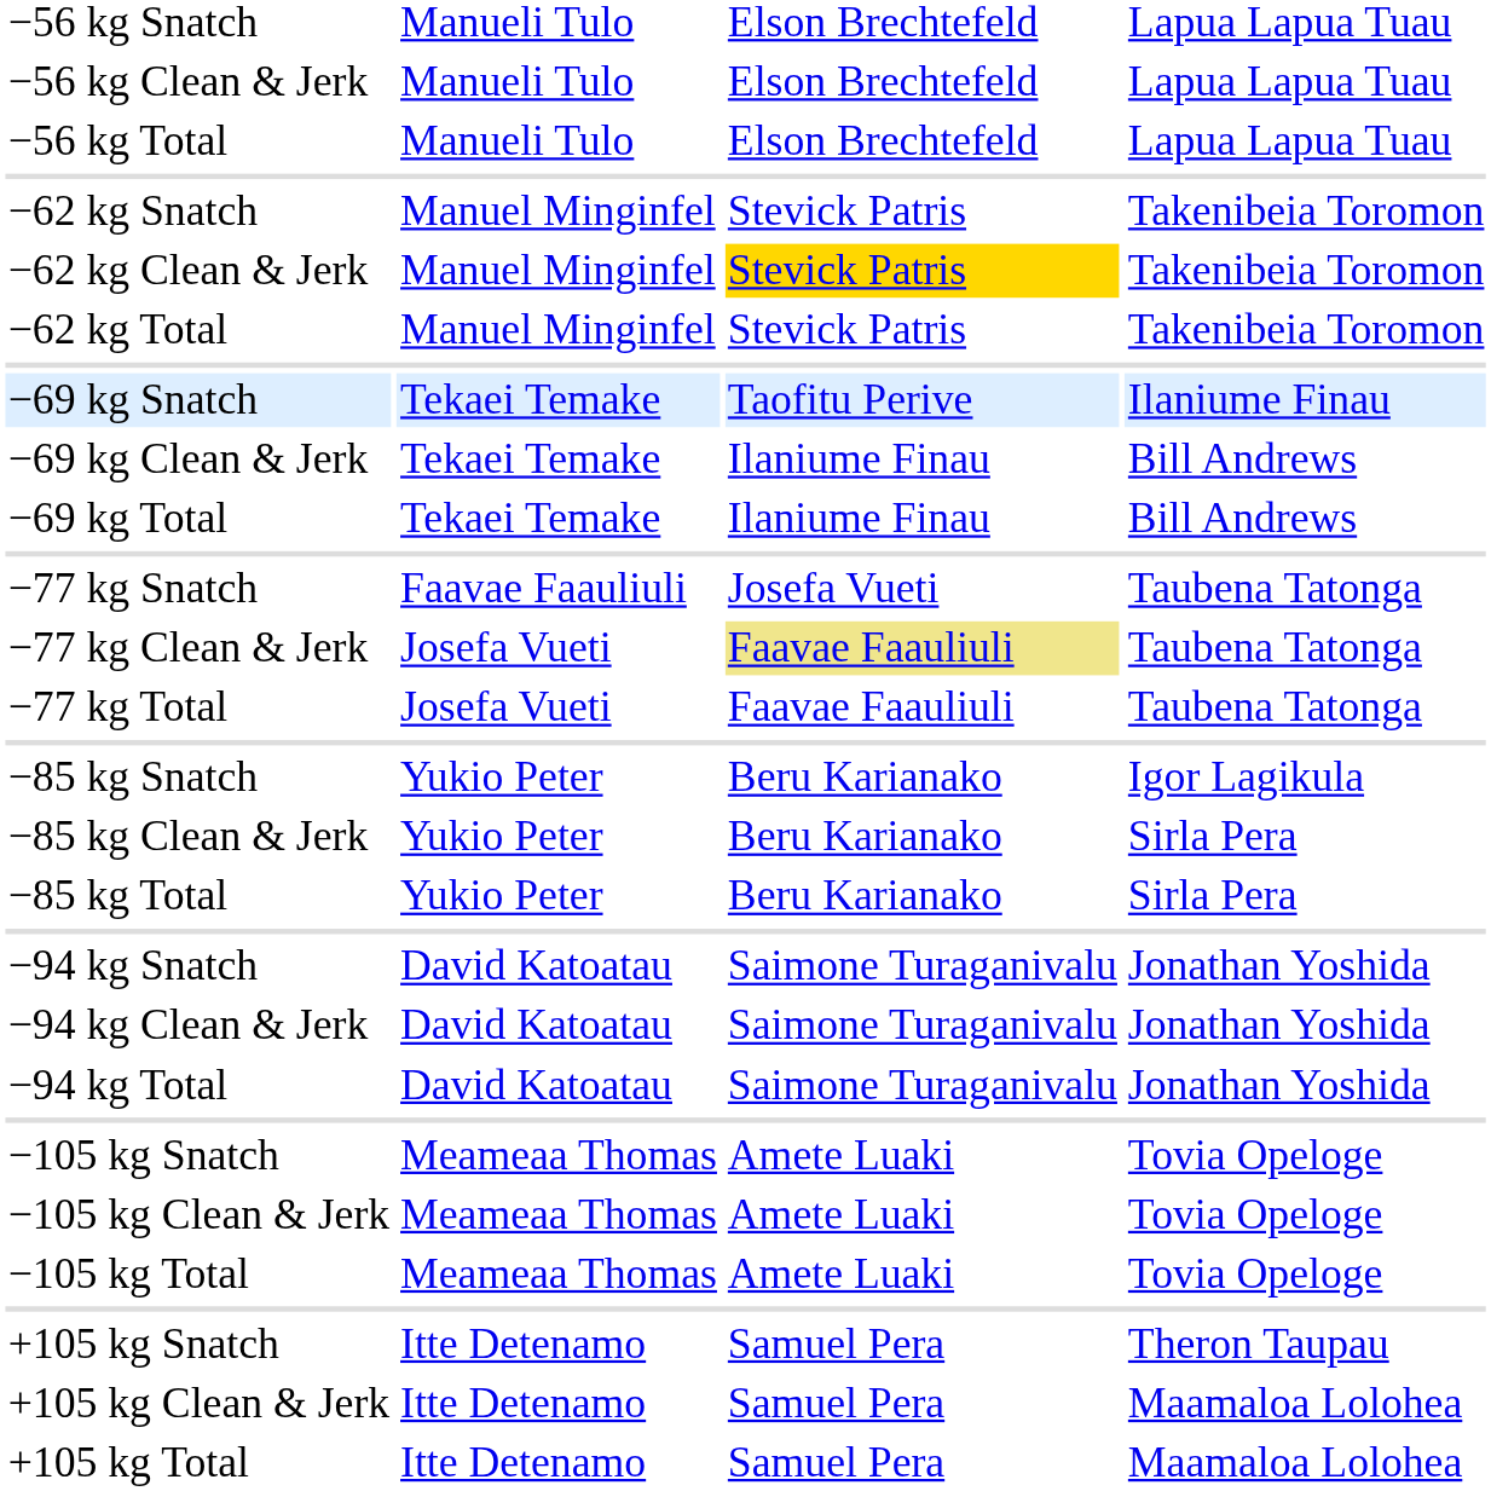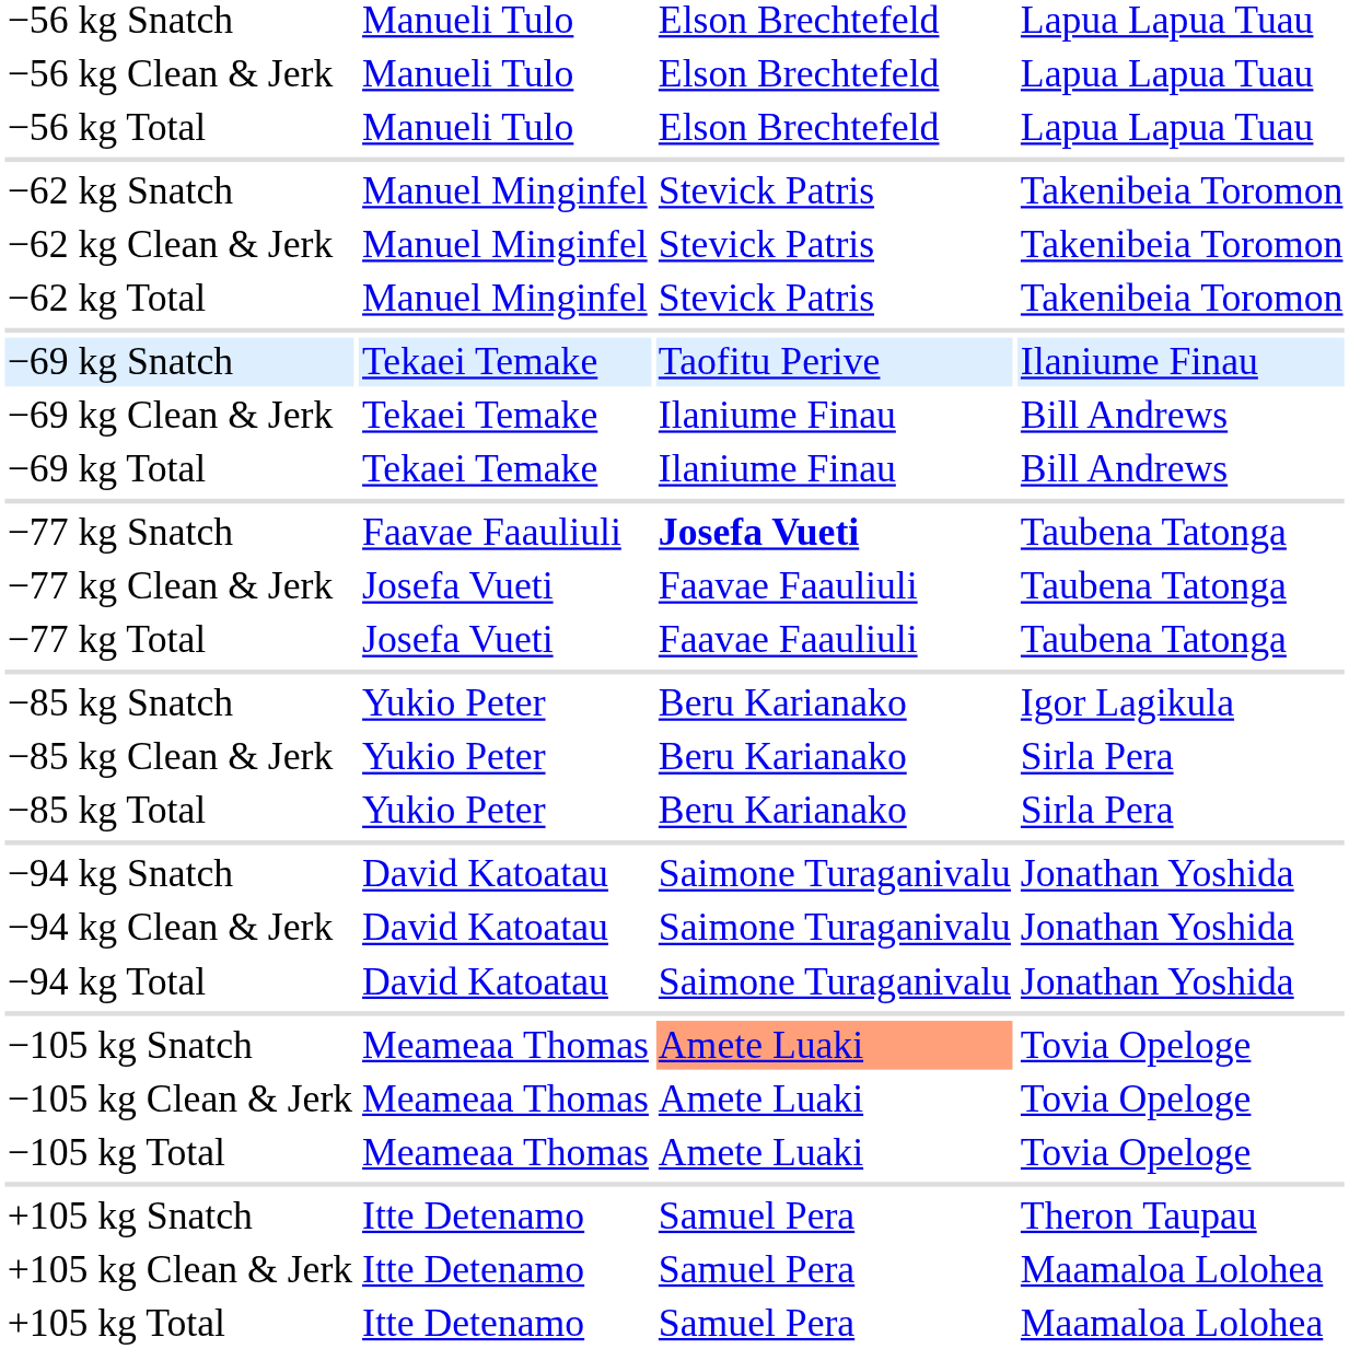 <table>
 <tr>
 <td>−56 kg Snatch</td>
 <td><a href='#'>Manueli Tulo</a><br></td>
 <td><a href='#'>Elson Brechtefeld</a><br></td>
 <td><a href='#'>Lapua Lapua Tuau</a><br></td>
 </tr>
 <tr>
 <td>−56 kg Clean & Jerk</td>
 <td><a href='#'>Manueli Tulo</a><br></td>
 <td><a href='#'>Elson Brechtefeld</a><br></td>
 <td><a href='#'>Lapua Lapua Tuau</a><br></td>
 </tr>
 <tr>
 <td>−56 kg Total</td>
 <td><a href='#'>Manueli Tulo</a><br></td>
 <td><a href='#'>Elson Brechtefeld</a><br></td>
 <td><a href='#'>Lapua Lapua Tuau</a><br></td>
 </tr>
 <tr bgcolor=#ddd>
 <td colspan=4></td>
 </tr>
 <tr>
 <td>−62 kg Snatch</td>
 <td><a href='#'>Manuel Minginfel</a><br></td>
 <td><a href='#'>Stevick Patris</a><br></td>
 <td><a href='#'>Takenibeia Toromon</a><br></td>
 </tr>
 <tr>
 <td>−62 kg Clean & Jerk</td>
 <td><a href='#'>Manuel Minginfel</a><br></td>
-<td style="background: gold;"><a href='#'>Stevick Patris</a><br></td>
+<td><a href='#'>Stevick Patris</a><br></td>
 <td><a href='#'>Takenibeia Toromon</a><br></td>
 </tr>
 <tr>
 <td>−62 kg Total</td>
 <td><a href='#'>Manuel Minginfel</a><br></td>
 <td><a href='#'>Stevick Patris</a><br></td>
 <td><a href='#'>Takenibeia Toromon</a><br></td>
 </tr>
 <tr bgcolor=#ddd>
 <td colspan=5></td>
 </tr>
 <tr bgcolor=#def>
 <td>−69 kg Snatch  </td>
 <td><a href='#'>Tekaei Temake</a><br></td>
 <td><a href='#'>Taofitu Perive</a><br></td>
 <td><a href='#'>Ilaniume Finau</a> <br></td>
 </tr>
 <tr>
 <td>−69 kg Clean & Jerk</td>
 <td><a href='#'>Tekaei Temake</a><br></td>
 <td><a href='#'>Ilaniume Finau</a><br></td>
 <td><a href='#'>Bill Andrews</a><br></td>
 </tr>
 <tr>
 <td>−69 kg Total</td>
 <td><a href='#'>Tekaei Temake</a><br></td>
 <td><a href='#'>Ilaniume Finau</a><br></td>
 <td><a href='#'>Bill Andrews</a><br></td>
 </tr>
 <tr bgcolor=#ddd>
 <td colspan=5></td>
 </tr>
 <tr>
 <td>−77 kg Snatch</td>
 <td><a href='#'>Faavae Faauliuli</a><br></td>
-<td><a href='#'>Josefa Vueti</a><br></td>
+<td><strong><a href='#'>Josefa Vueti</a><br></strong></td>
 <td><a href='#'>Taubena Tatonga</a><br></td>
 </tr>
 <tr>
 <td>−77 kg Clean & Jerk</td>
 <td><a href='#'>Josefa Vueti</a><br></td>
-<td style="background: khaki;"><a href='#'>Faavae Faauliuli</a><br></td>
+<td><a href='#'>Faavae Faauliuli</a><br></td>
 <td><a href='#'>Taubena Tatonga</a><br></td>
 </tr>
 <tr>
 <td>−77 kg Total</td>
 <td><a href='#'>Josefa Vueti</a><br></td>
 <td><a href='#'>Faavae Faauliuli</a><br></td>
 <td><a href='#'>Taubena Tatonga</a><br></td>
 </tr>
 <tr bgcolor=#ddd>
 <td colspan=5></td>
 </tr>
 <tr>
 <td>−85 kg Snatch</td>
 <td><a href='#'>Yukio Peter</a><br></td>
 <td><a href='#'>Beru Karianako</a><br></td>
 <td><a href='#'>Igor Lagikula</a><br></td>
 </tr>
 <tr>
 <td>−85 kg Clean & Jerk</td>
 <td><a href='#'>Yukio Peter</a><br></td>
 <td><a href='#'>Beru Karianako</a><br></td>
 <td><a href='#'>Sirla Pera</a><br></td>
 </tr>
 <tr>
 <td>−85 kg Total</td>
 <td><a href='#'>Yukio Peter</a><br></td>
 <td><a href='#'>Beru Karianako</a><br></td>
 <td><a href='#'>Sirla Pera</a><br></td>
 </tr>
 <tr bgcolor=#ddd>
 <td colspan=5></td>
 </tr>
 <tr>
 <td>−94 kg Snatch</td>
 <td><a href='#'>David Katoatau</a><br></td>
 <td><a href='#'>Saimone Turaganivalu</a><br></td>
 <td><a href='#'>Jonathan Yoshida</a><br></td>
 </tr>
 <tr>
 <td>−94 kg Clean & Jerk</td>
 <td><a href='#'>David Katoatau</a><br></td>
 <td><a href='#'>Saimone Turaganivalu</a><br></td>
 <td><a href='#'>Jonathan Yoshida</a><br></td>
 </tr>
 <tr>
 <td>−94 kg Total</td>
 <td><a href='#'>David Katoatau</a><br></td>
 <td><a href='#'>Saimone Turaganivalu</a><br></td>
 <td><a href='#'>Jonathan Yoshida</a><br></td>
 </tr>
 <tr bgcolor=#ddd>
 <td colspan=5></td>
 </tr>
 <tr>
 <td>−105 kg Snatch</td>
 <td><a href='#'>Meameaa Thomas</a><br></td>
-<td><a href='#'>Amete Luaki</a><br></td>
+<td style="background: lightsalmon;"><a href='#'>Amete Luaki</a><br></td>
 <td><a href='#'>Tovia Opeloge</a><br></td>
 </tr>
 <tr>
 <td>−105 kg Clean & Jerk</td>
 <td><a href='#'>Meameaa Thomas</a><br></td>
 <td><a href='#'>Amete Luaki</a><br></td>
 <td><a href='#'>Tovia Opeloge</a><br></td>
 </tr>
 <tr>
 <td>−105 kg Total</td>
 <td><a href='#'>Meameaa Thomas</a><br></td>
 <td><a href='#'>Amete Luaki</a><br></td>
 <td><a href='#'>Tovia Opeloge</a><br></td>
 </tr>
 <tr bgcolor=#ddd>
 <td colspan=5></td>
 </tr>
 <tr>
 <td>+105 kg Snatch</td>
 <td><a href='#'>Itte Detenamo</a><br></td>
 <td><a href='#'>Samuel Pera</a><br></td>
 <td><a href='#'>Theron Taupau</a><br></td>
 </tr>
 <tr>
 <td>+105 kg Clean & Jerk</td>
 <td><a href='#'>Itte Detenamo</a><br></td>
 <td><a href='#'>Samuel Pera</a><br></td>
 <td><a href='#'>Maamaloa Lolohea</a><br></td>
 </tr>
 <tr>
 <td>+105 kg Total</td>
 <td><a href='#'>Itte Detenamo</a><br></td>
 <td><a href='#'>Samuel Pera</a><br></td>
 <td><a href='#'>Maamaloa Lolohea</a><br></td>
 </tr>
 </table>
